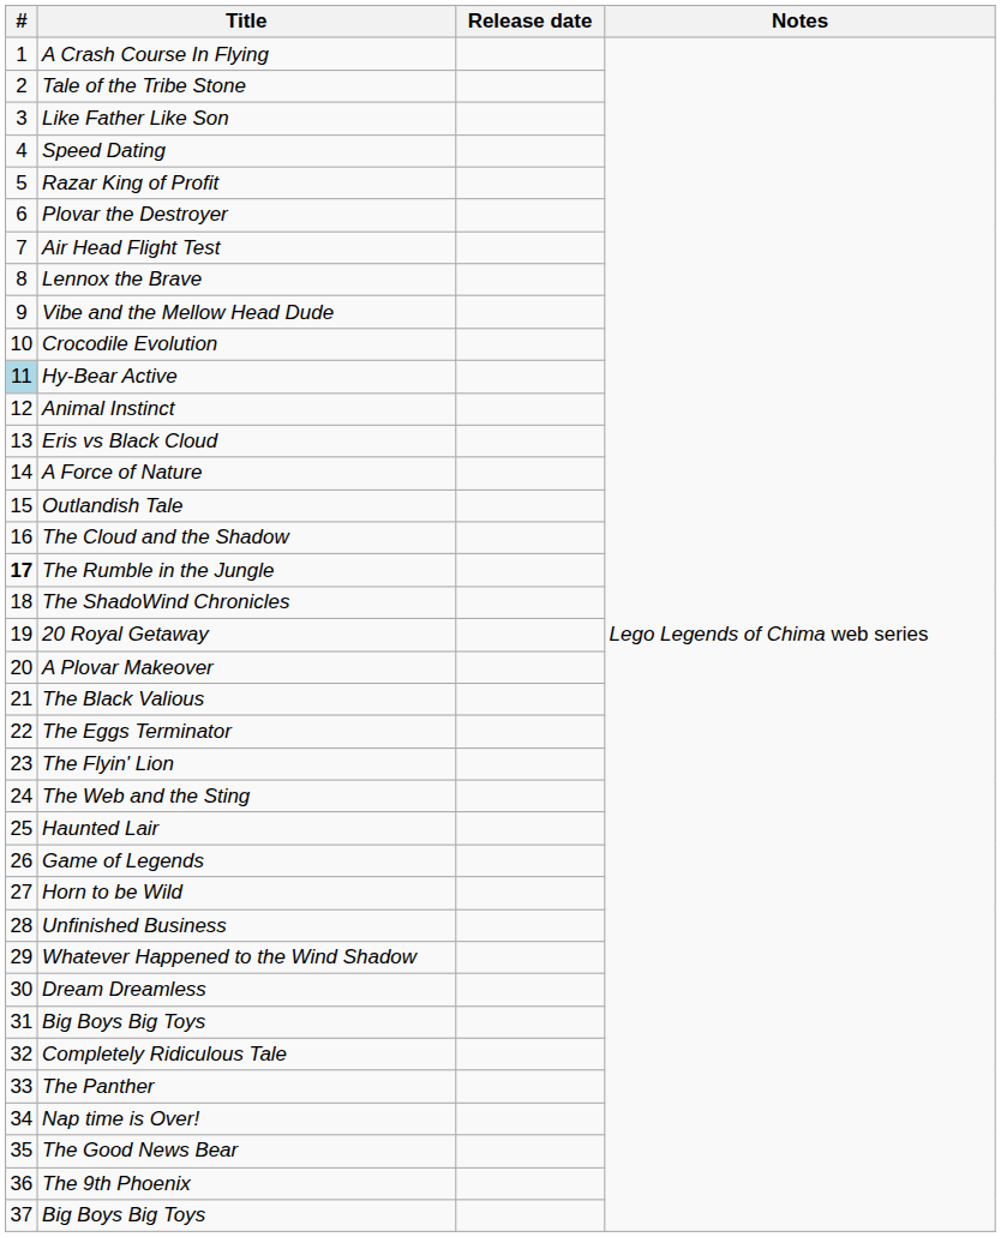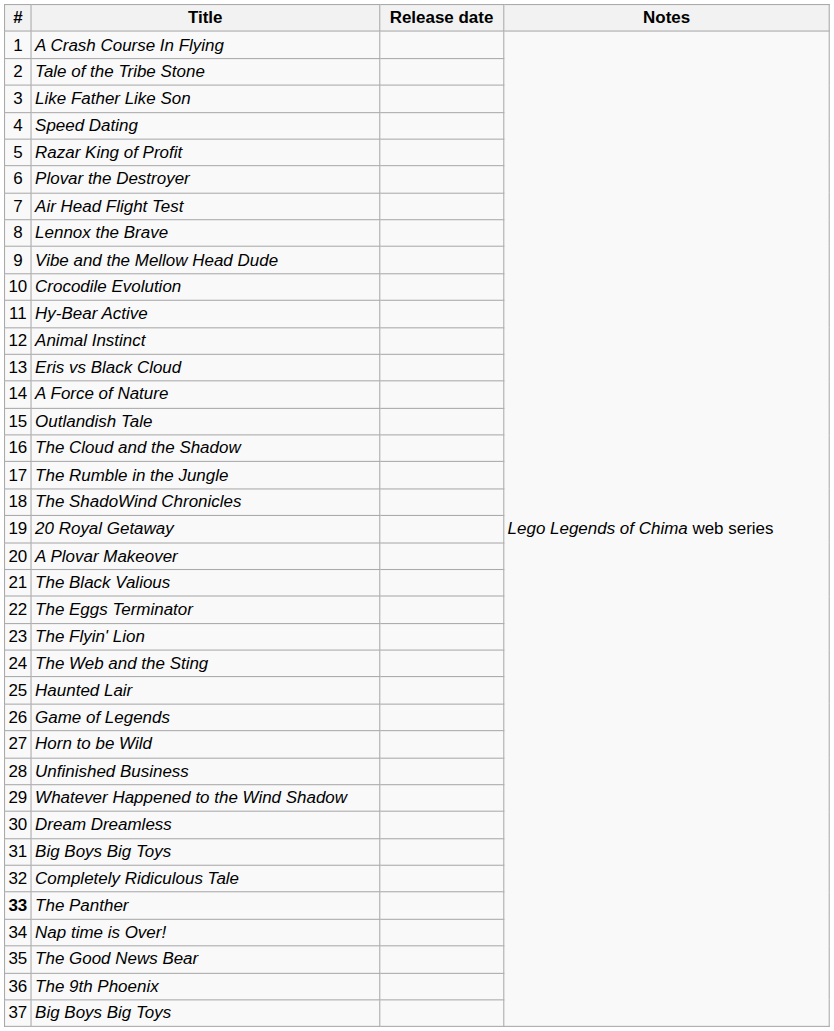 <table class="wikitable sortable">
 <tr>
 <th width="10">#</th>
 <th width="321">Title</th>
 <th width="110">Release date</th>
 <th width="300">Notes</th>
 </tr>
 <tr>
 <td align="center">1</td>
 <td><em>A Crash Course In Flying</em></td>
 <td align="right"></td>
 <td rowspan="37"><em>Lego Legends of Chima</em> web series</td>
 </tr>
 <tr>
 <td align="center">2</td>
 <td><em>Tale of the Tribe Stone</em></td>
 <td align="right"></td>
 </tr>
 <tr>
 <td align="center">3</td>
 <td><em>Like Father Like Son</em></td>
 <td align="right"></td>
 </tr>
 <tr>
 <td align="center">4</td>
 <td><em>Speed Dating</em></td>
 <td align="right"></td>
 </tr>
 <tr>
 <td align="center">5</td>
 <td><em>Razar King of Profit</em></td>
 <td align="right"></td>
 </tr>
 <tr>
 <td align="center">6</td>
 <td><em>Plovar the Destroyer</em></td>
 <td align="right"></td>
 </tr>
 <tr>
 <td align="center">7</td>
 <td><em>Air Head Flight Test</em></td>
 <td align="right"></td>
 </tr>
 <tr>
 <td align="center">8</td>
 <td><em>Lennox the Brave</em></td>
 <td align="right"></td>
 </tr>
 <tr>
 <td align="center">9</td>
 <td><em>Vibe and the Mellow Head Dude</em></td>
 <td align="right"></td>
 </tr>
 <tr>
 <td align="center">10</td>
 <td><em>Crocodile Evolution</em></td>
 <td align="right"></td>
 </tr>
 <tr>
-<td align="center" style="background: lightblue;">11</td>
+<td align="center">11</td>
 <td><em>Hy-Bear Active</em></td>
 <td align="right"></td>
 </tr>
 <tr>
 <td align="center">12</td>
 <td><em>Animal Instinct</em></td>
 <td align="right"></td>
 </tr>
 <tr>
 <td align="center">13</td>
 <td><em>Eris vs Black Cloud</em></td>
 <td align="right"></td>
 </tr>
 <tr>
 <td align="center">14</td>
 <td><em>A Force of Nature</em></td>
 <td align="right"></td>
 </tr>
 <tr>
 <td align="center">15</td>
 <td><em>Outlandish Tale</em></td>
 <td align="right"></td>
 </tr>
 <tr>
 <td align="center">16</td>
 <td><em>The Cloud and the Shadow</em></td>
 <td align="right"></td>
 </tr>
 <tr>
-<td align="center"><strong>17</strong></td>
+<td align="center">17</td>
 <td><em>The Rumble in the Jungle</em></td>
 <td align="right"></td>
 </tr>
 <tr>
 <td align="center">18</td>
 <td><em>The ShadoWind Chronicles</em></td>
 <td align="right"></td>
 </tr>
 <tr>
 <td align="center">19</td>
 <td><em>20 Royal Getaway</em></td>
 <td align="right"></td>
 </tr>
 <tr>
 <td align="center">20</td>
 <td><em>A Plovar Makeover</em></td>
 <td align="right"></td>
 </tr>
 <tr>
 <td align="center">21</td>
 <td><em>The Black Valious</em></td>
 <td align="right"></td>
 </tr>
 <tr>
 <td align="center">22</td>
 <td><em>The Eggs Terminator</em></td>
 <td align="right"></td>
 </tr>
 <tr>
 <td align="center">23</td>
 <td><em>The Flyin' Lion</em></td>
 <td align="right"></td>
 </tr>
 <tr>
 <td align="center">24</td>
 <td><em>The Web and the Sting</em></td>
 <td align="right"></td>
 </tr>
 <tr>
 <td align="center">25</td>
 <td><em>Haunted Lair</em></td>
 <td align="right"></td>
 </tr>
 <tr>
 <td align="center">26</td>
 <td><em>Game of Legends</em></td>
 <td align="right"></td>
 </tr>
 <tr>
 <td align="center">27</td>
 <td><em>Horn to be Wild</em></td>
 <td align="right"></td>
 </tr>
 <tr>
 <td align="center">28</td>
 <td><em>Unfinished Business</em></td>
 <td align="right"></td>
 </tr>
 <tr>
 <td align="center">29</td>
 <td><em>Whatever Happened to the Wind Shadow</em></td>
 <td align="right"></td>
 </tr>
 <tr>
 <td align="center">30</td>
 <td><em>Dream Dreamless</em></td>
 <td align="right"></td>
 </tr>
 <tr>
 <td align="center">31</td>
 <td><em>Big Boys Big Toys</em></td>
 <td align="right"></td>
 </tr>
 <tr>
 <td align="center">32</td>
 <td><em>Completely Ridiculous Tale</em></td>
 <td align="right"></td>
 </tr>
 <tr>
-<td align="center">33</td>
+<td align="center"><strong>33</strong></td>
 <td><em>The Panther</em></td>
 <td align="right"></td>
 </tr>
 <tr>
 <td align="center">34</td>
 <td><em>Nap time is Over!</em></td>
 <td align="right"></td>
 </tr>
 <tr>
 <td align="center">35</td>
 <td><em>The Good News Bear</em></td>
 <td align="right"></td>
 </tr>
 <tr>
 <td align="center">36</td>
 <td><em>The 9th Phoenix</em></td>
 <td align="right"></td>
 </tr>
 <tr>
 <td align="center">37</td>
 <td><em>Big Boys Big Toys</em></td>
 <td align="right"></td>
 </tr>
 </table>
